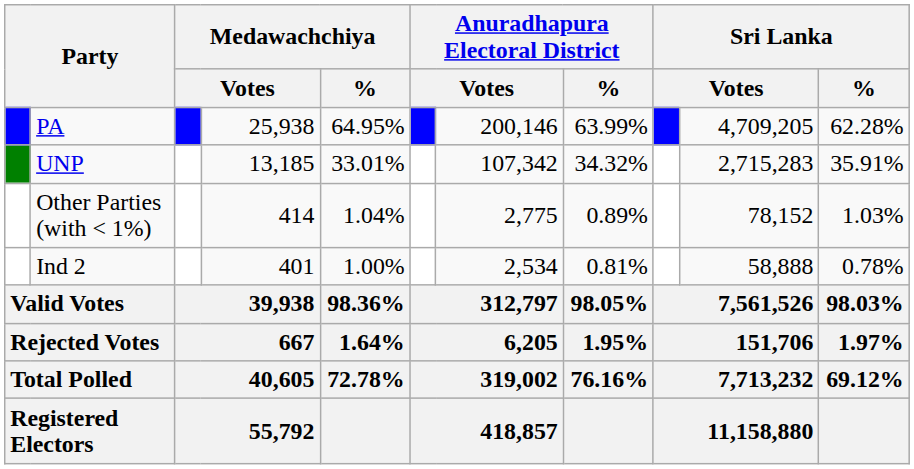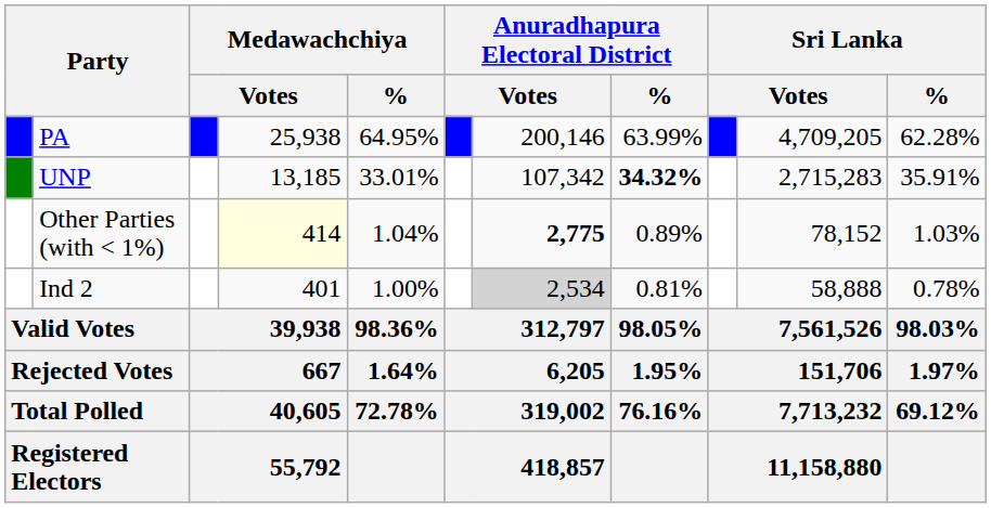 <table class="wikitable">
 <tr>
 <th colspan="2" width="144px"rowspan="2">Party</th>
 <th colspan="3" width="216px">Medawachchiya</th>
 <th colspan="3" width="216px"><a href='#'>Anuradhapura Electoral District</a></th>
 <th colspan="3" width="216px">Sri Lanka</th>
 </tr>
 <tr>
 <th colspan="2" width="144px">Votes</th>
 <th>%</th>
 <th colspan="2" width="144px">Votes</th>
 <th>%</th>
 <th colspan="2" width="144px">Votes</th>
 <th>%</th>
 </tr>
 <tr>
 <td style="background-color:blue;" width="10px"></td>
 <td style="text-align:left;"><a href='#'>PA</a></td>
 <td style="background-color:blue;" width="10px"></td>
 <td style="text-align:right;">25,938</td>
 <td style="text-align:right;">64.95%</td>
 <td style="background-color:blue;" width="10px"></td>
 <td style="text-align:right;">200,146</td>
 <td style="text-align:right;">63.99%</td>
 <td style="background-color:blue;" width="10px"></td>
 <td style="text-align:right;">4,709,205</td>
 <td style="text-align:right;">62.28%</td>
 </tr>
 <tr>
 <td style="background-color:green;" width="10px"></td>
 <td style="text-align:left;"><a href='#'>UNP</a></td>
 <td style="background-color:white;" width="10px"></td>
 <td style="text-align:right;">13,185</td>
 <td style="text-align:right;">33.01%</td>
 <td style="background-color:white;" width="10px"></td>
 <td style="text-align:right;">107,342</td>
-<td style="text-align:right;">34.32%</td>
+<td style="text-align:right;"><strong>34.32%</strong></td>
 <td style="background-color:white;" width="10px"></td>
 <td style="text-align:right;">2,715,283</td>
 <td style="text-align:right;">35.91%</td>
 </tr>
 <tr>
 <td style="background-color:white;" width="10px"></td>
 <td style="text-align:left;">Other Parties (with < 1%)</td>
 <td style="background-color:white;" width="10px"></td>
-<td style="text-align:right;">414</td>
+<td style="background: lightyellow; text-align:right;">414</td>
 <td style="text-align:right;">1.04%</td>
 <td style="background-color:white;" width="10px"></td>
-<td style="text-align:right;">2,775</td>
+<td style="text-align:right;"><strong>2,775</strong></td>
 <td style="text-align:right;">0.89%</td>
 <td style="background-color:white;" width="10px"></td>
 <td style="text-align:right;">78,152</td>
 <td style="text-align:right;">1.03%</td>
 </tr>
 <tr>
 <td style="background-color:white;" width="10px"></td>
 <td style="text-align:left;">Ind 2</td>
 <td style="background-color:white;" width="10px"></td>
 <td style="text-align:right;">401</td>
 <td style="text-align:right;">1.00%</td>
 <td style="background-color:white;" width="10px"></td>
-<td style="text-align:right;">2,534</td>
+<td style="background: lightgrey; text-align:right;">2,534</td>
 <td style="text-align:right;">0.81%</td>
 <td style="background-color:white;" width="10px"></td>
 <td style="text-align:right;">58,888</td>
 <td style="text-align:right;">0.78%</td>
 </tr>
 <tr>
 <th colspan="2" width="144px"style="text-align:left;">Valid Votes</th>
 <th style="text-align:right;"colspan="2" width="144px">39,938</th>
 <th style="text-align:right;">98.36%</th>
 <th style="text-align:right;"colspan="2" width="144px">312,797</th>
 <th style="text-align:right;">98.05%</th>
 <th style="text-align:right;"colspan="2" width="144px">7,561,526</th>
 <th style="text-align:right;">98.03%</th>
 </tr>
 <tr>
 <th colspan="2" width="144px"style="text-align:left;">Rejected Votes</th>
 <th style="text-align:right;"colspan="2" width="144px">667</th>
 <th style="text-align:right;">1.64%</th>
 <th style="text-align:right;"colspan="2" width="144px">6,205</th>
 <th style="text-align:right;">1.95%</th>
 <th style="text-align:right;"colspan="2" width="144px">151,706</th>
 <th style="text-align:right;">1.97%</th>
 </tr>
 <tr>
 <th colspan="2" width="144px"style="text-align:left;">Total Polled</th>
 <th style="text-align:right;"colspan="2" width="144px">40,605</th>
 <th style="text-align:right;">72.78%</th>
 <th style="text-align:right;"colspan="2" width="144px">319,002</th>
 <th style="text-align:right;">76.16%</th>
 <th style="text-align:right;"colspan="2" width="144px">7,713,232</th>
 <th style="text-align:right;">69.12%</th>
 </tr>
 <tr>
 <th colspan="2" width="144px"style="text-align:left;">Registered Electors</th>
 <th style="text-align:right;"colspan="2" width="144px">55,792</th>
 <th></th>
 <th style="text-align:right;"colspan="2" width="144px">418,857</th>
 <th></th>
 <th style="text-align:right;"colspan="2" width="144px">11,158,880</th>
 <th></th>
 </tr>
 </table>
